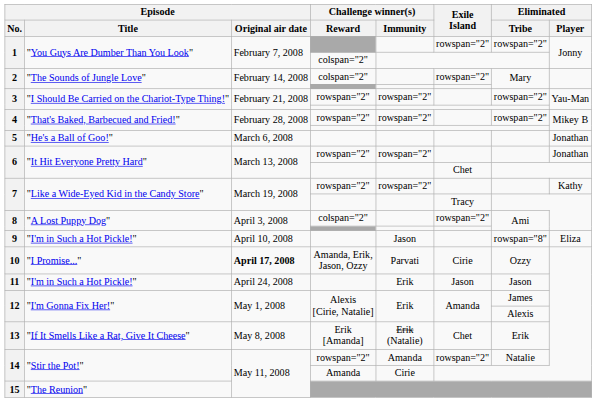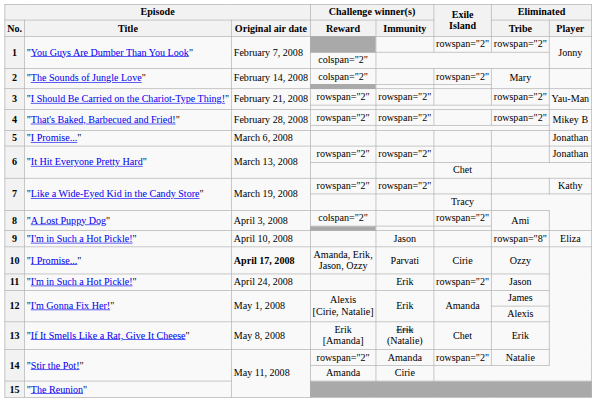 <table class="wikitable" style="margin:auto; text-align:center">
 <tr>
 <th scope="col" colspan="3">Episode</th>
 <th scope="col" colspan="2">Challenge winner(s)</th>
 <th scope="col" rowspan="2">Exile<br>Island</th>
 <th colspan="2">Eliminated</th>
 </tr>
 <tr>
 <th scope="col">No.</th>
 <th scope="col">Title</th>
 <th scope="col">Original air date</th>
 <th scope="col">Reward</th>
 <th scope="col">Immunity</th>
 <th scope="col">Tribe</th>
 <th scope="col">Player</th>
 </tr>
 <tr>
 <th rowspan="2">1</th>
 <td align="left" rowspan="2">"<a href='#'>You Guys Are Dumber Than You Look</a>"</td>
 <td align="left" rowspan="2">February 7, 2008</td>
 <td bgcolor="darkgray"></td>
 <td></td>
 <td>rowspan="2" </td>
 <td>rowspan="2" </td>
 <td rowspan="2">Jonny</td>
 </tr>
 <tr>
 <td>colspan="2" </td>
 </tr>
 <tr>
 <th rowspan="2">2</th>
 <td align="left" rowspan="2">"<a href='#'>The Sounds of Jungle Love</a>"</td>
 <td align="left" rowspan="2">February 14, 2008</td>
 <td>colspan="2" </td>
 <td></td>
 <td>rowspan="2" </td>
 <td rowspan="2">Mary</td>
 </tr>
 <tr>
 <td bgcolor="darkgray"></td>
 <td></td>
 <td></td>
 </tr>
 <tr>
 <th rowspan="2">3</th>
 <td align="left" rowspan="2">"<a href='#'>I Should Be Carried on the Chariot-Type Thing!</a>"</td>
 <td align="left" rowspan="2">February 21, 2008</td>
 <td>rowspan="2" </td>
 <td>rowspan="2" </td>
 <td></td>
 <td>rowspan="2" </td>
 <td rowspan="2">Yau-Man</td>
 </tr>
 <tr>
 <td></td>
 </tr>
 <tr>
 <th rowspan="2">4</th>
 <td align="left" rowspan="2">"<a href='#'>That's Baked, Barbecued and Fried!</a>"</td>
 <td align="left" rowspan="2">February 28, 2008</td>
 <td>rowspan="2" </td>
 <td>rowspan="2" </td>
 <td></td>
 <td>rowspan="2" </td>
 <td rowspan="2">Mikey B</td>
 </tr>
 <tr>
 <td></td>
 </tr>
 <tr>
 <th>5</th>
-<td align="left">"<a href='#'>He's a Ball of Goo!</a>"</td>
+<td align="left">"<a href='#'>I Promise...</a>"</td>
 <td align="left">March 6, 2008</td>
 <td></td>
 <td></td>
 <td></td>
 <td></td>
 <td>Jonathan</td>
 </tr>
 <tr>
 <th rowspan="2">6</th>
 <td align="left" rowspan="2">"<a href='#'>It Hit Everyone Pretty Hard</a>"</td>
 <td align="left" rowspan="2">March 13, 2008</td>
 <td>rowspan="2" </td>
 <td>rowspan="2" </td>
 <td></td>
 <td></td>
 <td>Jonathan</td>
 </tr>
 <tr>
 <td></td>
 <td></td>
 <td>Chet</td>
 </tr>
 <tr>
 <th rowspan="2">7</th>
 <td align="left" rowspan="2">"<a href='#'>Like a Wide-Eyed Kid in the Candy Store</a>"</td>
 <td align="left" rowspan="2">March 19, 2008</td>
 <td>rowspan="2" </td>
 <td>rowspan="2" </td>
 <td></td>
 <td></td>
 <td>Kathy</td>
 </tr>
 <tr>
 <td></td>
 <td></td>
 <td>Tracy</td>
 </tr>
 <tr>
 <th rowspan="2">8</th>
 <td align="left" rowspan="2">"<a href='#'>A Lost Puppy Dog</a>"</td>
 <td align="left" rowspan="2">April 3, 2008</td>
 <td>colspan="2" </td>
 <td></td>
 <td>rowspan="2" </td>
 <td rowspan="2">Ami</td>
 </tr>
 <tr>
 <td bgcolor="darkgray"></td>
 <td></td>
 <td></td>
 </tr>
 <tr>
 <th>9</th>
 <td align="left">"<a href='#'>I'm in Such a Hot Pickle!</a>"</td>
 <td align="left">April 10, 2008</td>
 <td></td>
 <td>Jason</td>
 <td></td>
 <td>rowspan="8" </td>
 <td>Eliza</td>
 </tr>
 <tr>
 <th>10</th>
 <td align="left">"<a href='#'>I Promise...</a>"</td>
 <td align="left"><strong>April 17, 2008</strong></td>
 <td>Amanda, Erik,<br>Jason, Ozzy</td>
 <td>Parvati</td>
 <td>Cirie</td>
 <td>Ozzy</td>
 </tr>
 <tr>
 <th>11</th>
 <td align="left">"<a href='#'>I'm in Such a Hot Pickle!</a>"</td>
 <td align="left">April 24, 2008</td>
 <td></td>
 <td>Erik</td>
-<td>Jason</td>
+<td>rowspan="2" </td>
 <td>Jason</td>
 </tr>
 <tr>
 <th rowspan="2">12</th>
 <td align="left" rowspan="2">"<a href='#'>I'm Gonna Fix Her!</a>"</td>
 <td align="left" rowspan="2">May 1, 2008</td>
 <td rowspan="2">Alexis<br>[Cirie, Natalie]</td>
 <td rowspan="2">Erik</td>
 <td rowspan="2">Amanda</td>
 <td>James</td>
 </tr>
 <tr>
 <td>Alexis</td>
 </tr>
 <tr>
 <th>13</th>
 <td align="left">"<a href='#'>If It Smells Like a Rat, Give It Cheese</a>"</td>
 <td align="left">May 8, 2008</td>
 <td>Erik<br>[Amanda]</td>
 <td><s>Erik</s><br>(Natalie)</td>
 <td>Chet</td>
 <td>Erik</td>
 </tr>
 <tr>
 <th rowspan="2">14</th>
 <td align="left" rowspan="2">"<a href='#'>Stir the Pot!</a>"</td>
 <td rowspan="3" align="left">May 11, 2008</td>
 <td>rowspan="2" </td>
 <td>Amanda</td>
 <td>rowspan="2" </td>
 <td>Natalie</td>
 </tr>
 <tr>
 <td>Amanda</td>
 <td>Cirie</td>
 </tr>
 <tr>
 <th>15</th>
 <td align="left">"<a href='#'>The Reunion</a>"</td>
 <td colspan="5" bgcolor="darkgray"></td>
 </tr>
 </table>
